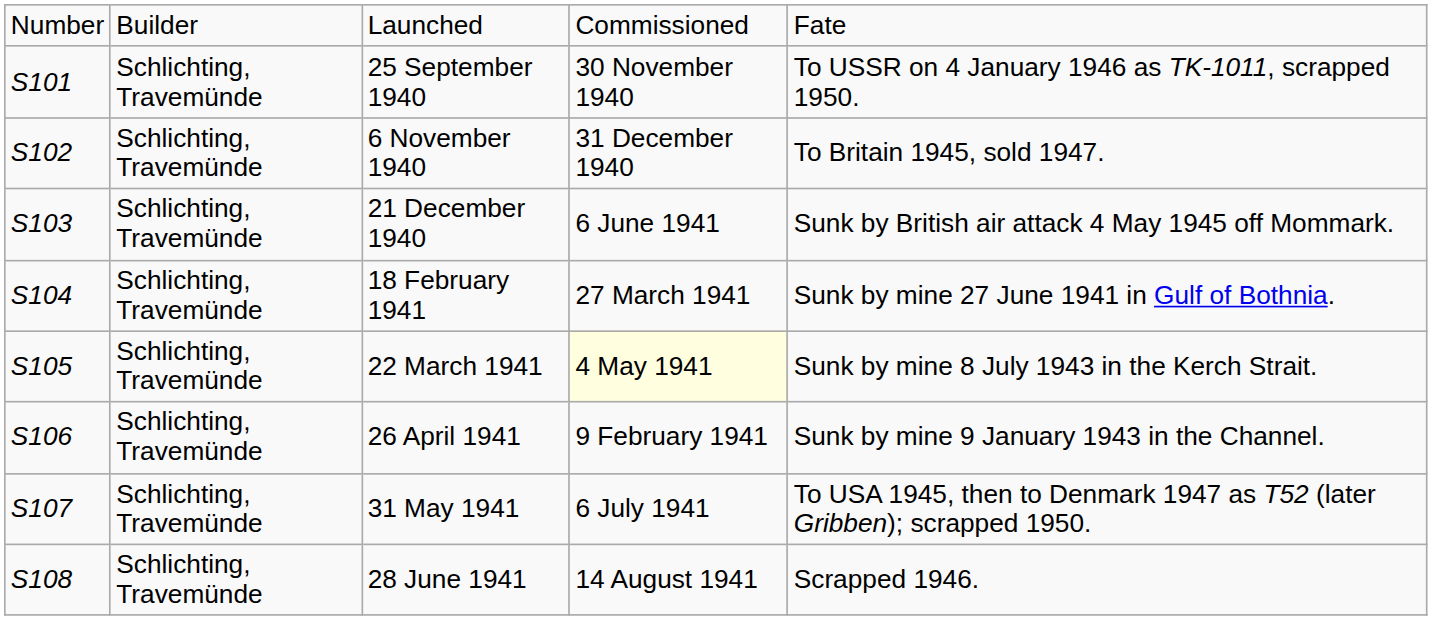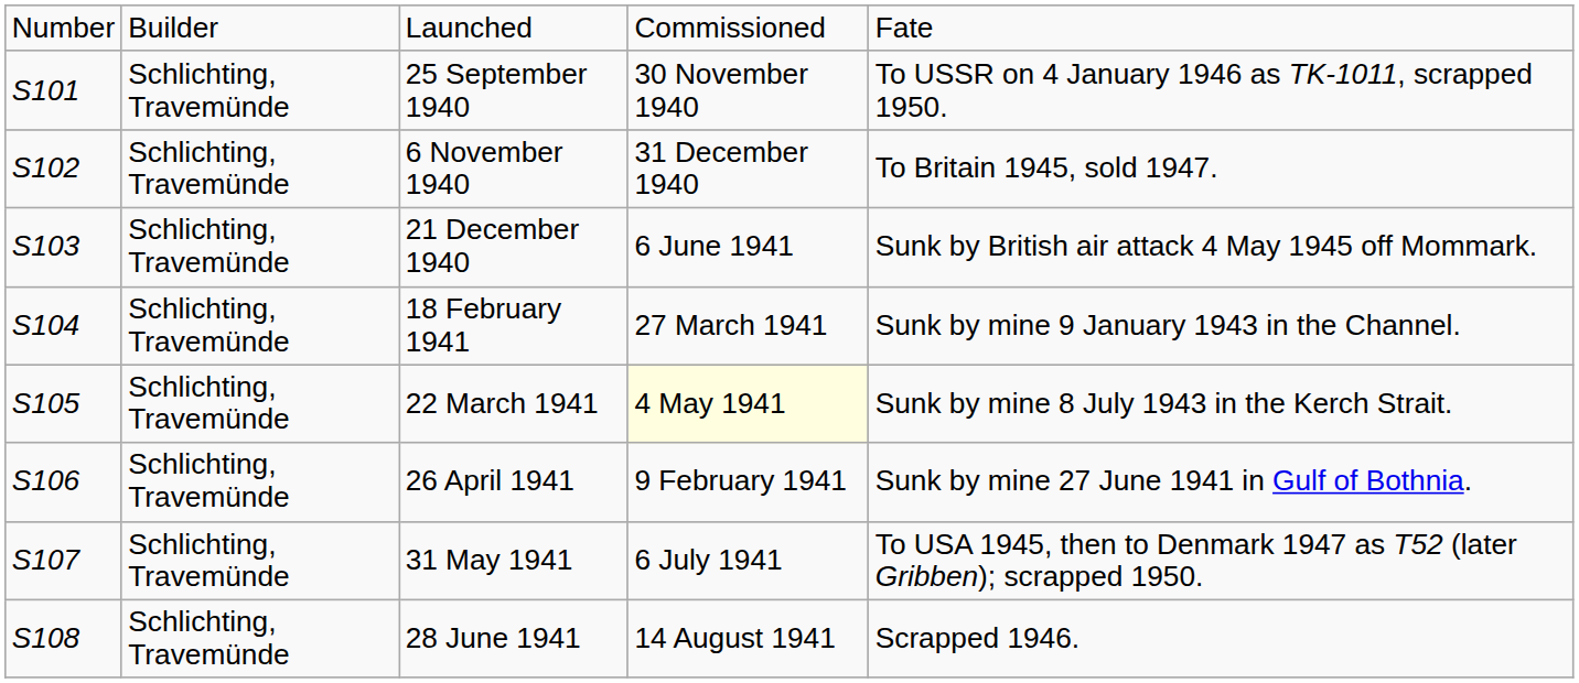 <table class="wikitable" style="tet-align:left">
 <tr>
 <td>Number</td>
 <td>Builder</td>
 <td>Launched</td>
 <td>Commissioned</td>
 <td>Fate</td>
 </tr>
 <tr>
 <td><em>S101</em></td>
 <td>Schlichting, Travemünde</td>
 <td>25 September 1940</td>
 <td>30 November 1940</td>
 <td>To USSR on 4 January 1946 as <em>TK-1011</em>, scrapped 1950.</td>
 </tr>
 <tr>
 <td><em>S102</em></td>
 <td>Schlichting, Travemünde</td>
 <td>6 November 1940</td>
 <td>31 December 1940</td>
 <td>To Britain 1945, sold 1947.</td>
 </tr>
 <tr>
 <td><em>S103</em></td>
 <td>Schlichting, Travemünde</td>
 <td>21 December 1940</td>
 <td>6 June 1941</td>
 <td>Sunk by British air attack 4 May 1945 off Mommark.</td>
 </tr>
 <tr>
 <td><em>S104</em></td>
 <td>Schlichting, Travemünde</td>
 <td>18 February 1941</td>
 <td>27 March 1941</td>
-<td>Sunk by mine 27 June 1941 in <a href='#'>Gulf of Bothnia</a>.</td>
+<td>Sunk by mine 9 January 1943 in the Channel.</td>
 </tr>
 <tr>
 <td><em>S105</em></td>
 <td>Schlichting, Travemünde</td>
 <td>22 March 1941</td>
 <td style="background: lightyellow;">4 May 1941</td>
 <td>Sunk by mine 8 July 1943 in the Kerch Strait.</td>
 </tr>
 <tr>
 <td><em>S106</em></td>
 <td>Schlichting, Travemünde</td>
 <td>26 April 1941</td>
 <td>9 February 1941</td>
-<td>Sunk by mine 9 January 1943 in the Channel.</td>
+<td>Sunk by mine 27 June 1941 in <a href='#'>Gulf of Bothnia</a>.</td>
 </tr>
 <tr>
 <td><em>S107</em></td>
 <td>Schlichting, Travemünde</td>
 <td>31 May 1941</td>
 <td>6 July 1941</td>
 <td>To USA 1945, then to Denmark 1947 as <em>T52</em> (later <em>Gribben</em>); scrapped 1950.</td>
 </tr>
 <tr>
 <td><em>S108</em></td>
 <td>Schlichting, Travemünde</td>
 <td>28 June 1941</td>
 <td>14 August 1941</td>
 <td>Scrapped 1946.</td>
 </tr>
 </table>
